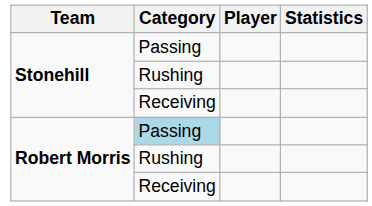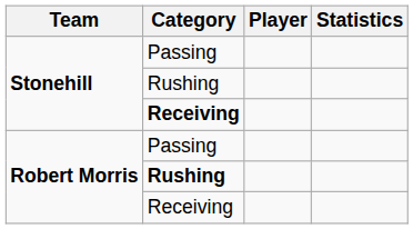 <table class="wikitable" style="float: right;">
 <tr>
 <th>Team</th>
 <th>Category</th>
 <th>Player</th>
 <th>Statistics</th>
 </tr>
 <tr>
 <td rowspan=3><strong>Stonehill</strong></td>
 <td>Passing</td>
 <td></td>
 <td></td>
 </tr>
 <tr>
 <td>Rushing</td>
 <td></td>
 <td></td>
 </tr>
 <tr>
-<td>Receiving</td>
+<td><strong>Receiving</strong></td>
 <td></td>
 <td></td>
 </tr>
 <tr>
 <td rowspan=3><strong>Robert Morris</strong></td>
-<td style="background: lightblue;">Passing</td>
+<td>Passing</td>
 <td></td>
 <td></td>
 </tr>
 <tr>
-<td>Rushing</td>
+<td><strong>Rushing</strong></td>
 <td></td>
 <td></td>
 </tr>
 <tr>
 <td>Receiving</td>
 <td></td>
 <td></td>
 </tr>
 </table>
